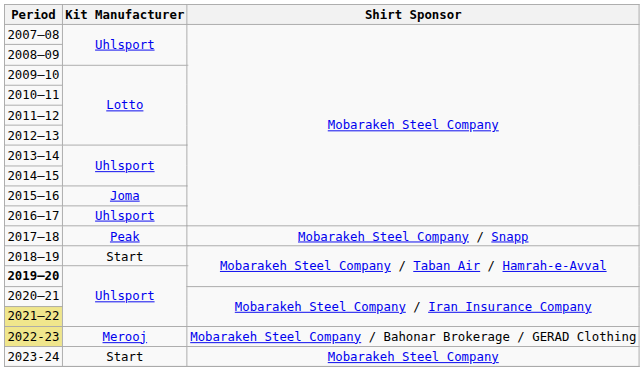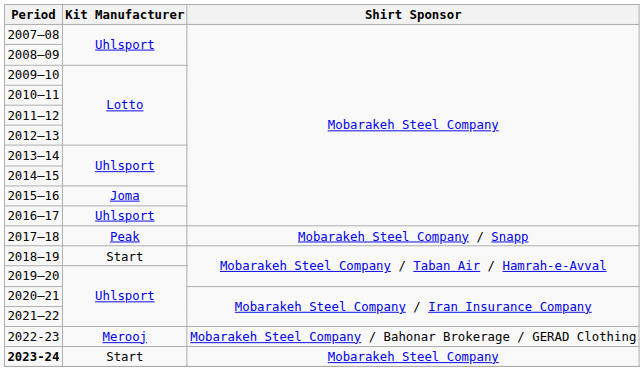 <table class="wikitable" style="text-align:center;">
 <tr>
 <th>Period</th>
 <th colspan=2>Kit Manufacturer</th>
 <th colspan=4>Shirt Sponsor</th>
 </tr>
 <tr>
 <td>2007–08</td>
 <td rowspan=2 colspan=2> <a href='#'>Uhlsport</a></td>
 <td rowspan=10 colspan=4><a href='#'>Mobarakeh Steel Company</a></td>
 </tr>
 <tr>
 <td>2008–09</td>
 </tr>
 <tr>
 <td>2009–10</td>
 <td rowspan=4 colspan=2> <a href='#'>Lotto</a></td>
 </tr>
 <tr>
 <td>2010–11</td>
 </tr>
 <tr>
 <td>2011–12</td>
 </tr>
 <tr>
 <td>2012–13</td>
 </tr>
 <tr>
 <td>2013–14</td>
 <td rowspan=2 colspan=2> <a href='#'>Uhlsport</a></td>
 </tr>
 <tr>
 <td>2014–15</td>
 </tr>
 <tr>
 <td>2015–16</td>
 <td rowspan=1 colspan=2> <a href='#'>Joma</a></td>
 </tr>
 <tr>
 <td>2016–17</td>
 <td rowspan=1 colspan=2> <a href='#'>Uhlsport</a></td>
 </tr>
 <tr>
 <td>2017–18</td>
 <td rowspan=1 colspan=2> <a href='#'>Peak</a></td>
 <td rowspan=1 colspan=4><a href='#'>Mobarakeh Steel Company</a> / <a href='#'>Snapp</a></td>
 </tr>
 <tr>
 <td>2018–19</td>
 <td rowspan=1 colspan=2> Start</td>
 <td rowspan=2 colspan=4><a href='#'>Mobarakeh Steel Company</a> / <a href='#'>Taban Air</a> / <a href='#'>Hamrah-e-Avval</a></td>
 </tr>
 <tr>
-<td><strong>2019–20</strong></td>
+<td>2019–20</td>
 <td rowspan=3 colspan=2> <a href='#'>Uhlsport</a></td>
 </tr>
 <tr>
 <td>2020–21</td>
 <td rowspan=2 colspan=4><a href='#'>Mobarakeh Steel Company</a> / <a href='#'>Iran Insurance Company</a></td>
 </tr>
 <tr>
-<td style="background: khaki;">2021–22</td>
+<td>2021–22</td>
 </tr>
 <tr>
-<td style="background: khaki;">2022-23</td>
+<td>2022-23</td>
 <td rowspan=1 colspan=2> <a href='#'>Merooj</a></td>
 <td rowspan=1 colspan=4><a href='#'>Mobarakeh Steel Company</a> / Bahonar Brokerage / GERAD Clothing</td>
 </tr>
 <tr>
-<td>2023-24</td>
+<td><strong>2023-24</strong></td>
 <td rowspan=1 colspan=2> Start</td>
 <td rowspan=1 colspan=4><a href='#'>Mobarakeh Steel Company</a></td>
 </tr>
 <tr>
 </tr>
 </table>
